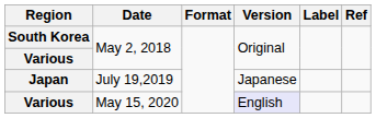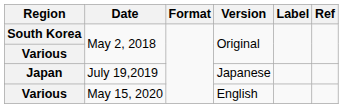 <table class="wikitable plainrowheaders">
 <tr>
 <th scope="col">Region</th>
 <th scope="col">Date</th>
 <th scope="col">Format</th>
 <th scope="col">Version</th>
 <th scope="col">Label</th>
 <th scope="col">Ref</th>
 </tr>
 <tr>
 <th scope="row">South Korea</th>
 <td rowspan="2">May 2, 2018</td>
 <td rowspan="5"></td>
 <td rowspan="2">Original</td>
 <td rowspan="2"></td>
 <td rowspan="2" style="text-align:center;"></td>
 </tr>
 <tr>
 <th rowspan="1" scope="row">Various</th>
 </tr>
 <tr>
 <th rowspan="1" scope="row">Japan</th>
 <td rowspan="2">July 19,2019</td>
 <td rowspan="2">Japanese</td>
 <td rowspan="2"></td>
 <td rowspan="2" style="text-align:center;"></td>
 </tr>
 <tr>
 <th rowspan="2" scope="row">Various</th>
 </tr>
 <tr>
 <td>May 15, 2020</td>
-<td style="background: lavender;">English</td>
+<td>English</td>
 <td></td>
 <td style="text-align:center;"></td>
 </tr>
 </table>
